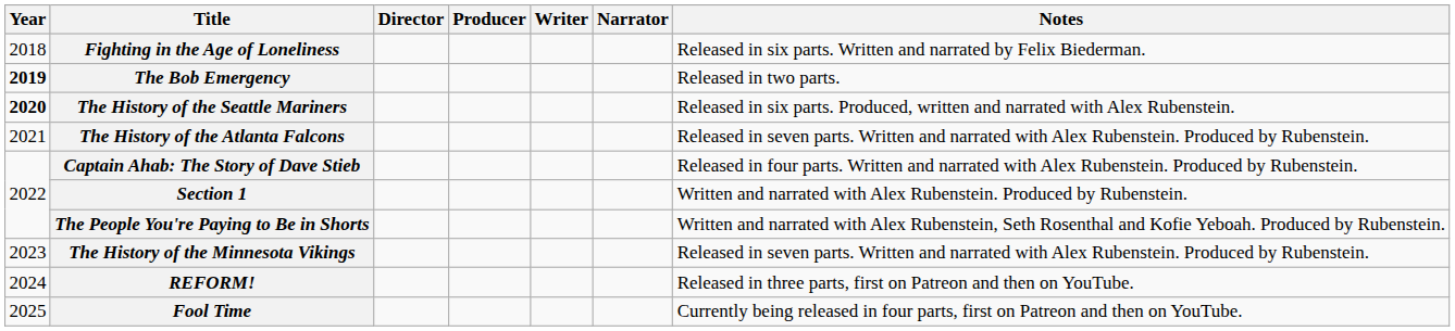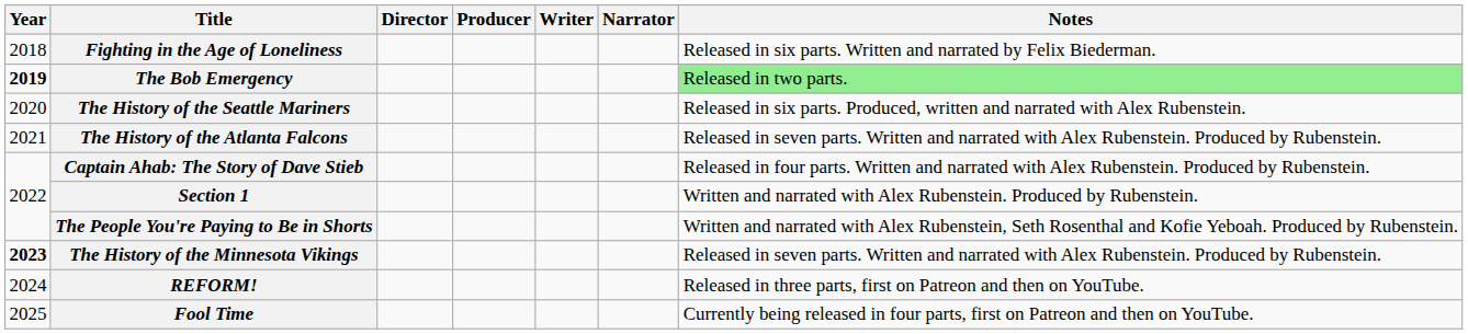 <table class="wikitable plainrowheaders">
 <tr style="background:#ccc; text-align:center;">
 <th scope="col">Year</th>
 <th scope="col">Title</th>
 <th scope="col">Director</th>
 <th scope="col">Producer</th>
 <th scope="col">Writer</th>
 <th scope="col">Narrator</th>
 <th scope="col">Notes</th>
 </tr>
 <tr>
 <td>2018</td>
 <th scope=row><em>Fighting in the Age of Loneliness</em></th>
 <td></td>
 <td></td>
 <td></td>
 <td></td>
 <td>Released in six parts. Written and narrated by Felix Biederman.</td>
 </tr>
 <tr>
 <td><strong>2019</strong></td>
 <th scope=row><em>The Bob Emergency</em></th>
 <td></td>
 <td></td>
 <td></td>
 <td></td>
-<td>Released in two parts.</td>
+<td style="background: lightgreen;">Released in two parts.</td>
 </tr>
 <tr>
-<td><strong>2020</strong></td>
+<td>2020</td>
 <th scope=row><em>The History of the Seattle Mariners</em></th>
 <td></td>
 <td></td>
 <td></td>
 <td></td>
 <td>Released in six parts. Produced, written and narrated with Alex Rubenstein.</td>
 </tr>
 <tr>
 <td>2021</td>
 <th scope=row><em>The History of the Atlanta Falcons</em></th>
 <td></td>
 <td></td>
 <td></td>
 <td></td>
 <td>Released in seven parts. Written and narrated with Alex Rubenstein. Produced by Rubenstein.</td>
 </tr>
 <tr>
 <td rowspan="3">2022</td>
 <th scope=row><em>Captain Ahab: The Story of Dave Stieb</em></th>
 <td></td>
 <td></td>
 <td></td>
 <td></td>
 <td>Released in four parts. Written and narrated with Alex Rubenstein. Produced by Rubenstein.</td>
 </tr>
 <tr>
 <th scope=row><em>Section 1</em></th>
 <td></td>
 <td></td>
 <td></td>
 <td></td>
 <td>Written and narrated with Alex Rubenstein. Produced by Rubenstein.</td>
 </tr>
 <tr>
 <th scope=row><em>The People You're Paying to Be in Shorts</em></th>
 <td></td>
 <td></td>
 <td></td>
 <td></td>
 <td>Written and narrated with Alex Rubenstein, Seth Rosenthal and Kofie Yeboah. Produced by Rubenstein.</td>
 </tr>
 <tr>
-<td>2023</td>
+<td><strong>2023</strong></td>
 <th scope=row><em>The History of the Minnesota Vikings</em></th>
 <td></td>
 <td></td>
 <td></td>
 <td></td>
 <td>Released in seven parts. Written and narrated with Alex Rubenstein. Produced by Rubenstein.</td>
 </tr>
 <tr>
 <td>2024</td>
 <th scope=row><em>REFORM!</em></th>
 <td></td>
 <td></td>
 <td></td>
 <td></td>
 <td>Released in three parts, first on Patreon and then on YouTube.</td>
 </tr>
 <tr>
 <td>2025</td>
 <th scope=row><em>Fool Time</em></th>
 <td></td>
 <td></td>
 <td></td>
 <td></td>
 <td>Currently being released in four parts, first on Patreon and then on YouTube.</td>
 </tr>
 </table>
